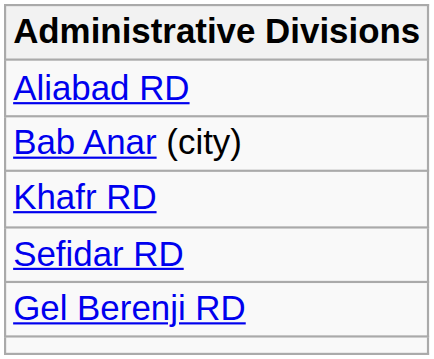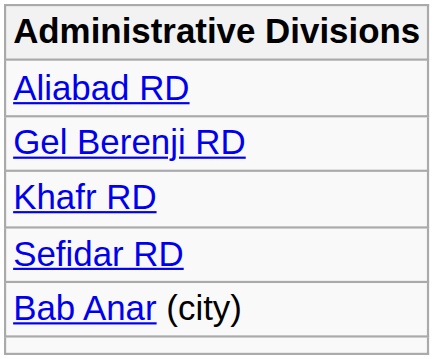 <table class="wikitable">
 <tr>
 <th>Administrative Divisions</th>
 </tr>
 <tr>
 <td><a href='#'>Aliabad RD</a></td>
 </tr>
 <tr>
-<td><a href='#'>Bab Anar</a> (city)</td>
+<td><a href='#'>Gel Berenji RD</a></td>
 </tr>
 <tr>
 <td><a href='#'>Khafr RD</a></td>
 </tr>
 <tr>
 <td><a href='#'>Sefidar RD</a></td>
 </tr>
 <tr>
-<td><a href='#'>Gel Berenji RD</a></td>
+<td><a href='#'>Bab Anar</a> (city)</td>
 </tr>
 <tr>
 <td colspan=1></td>
 </tr>
 </table>
